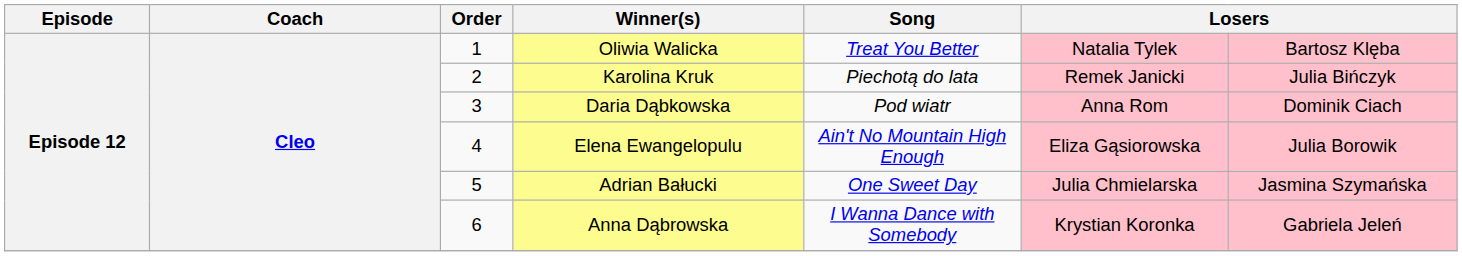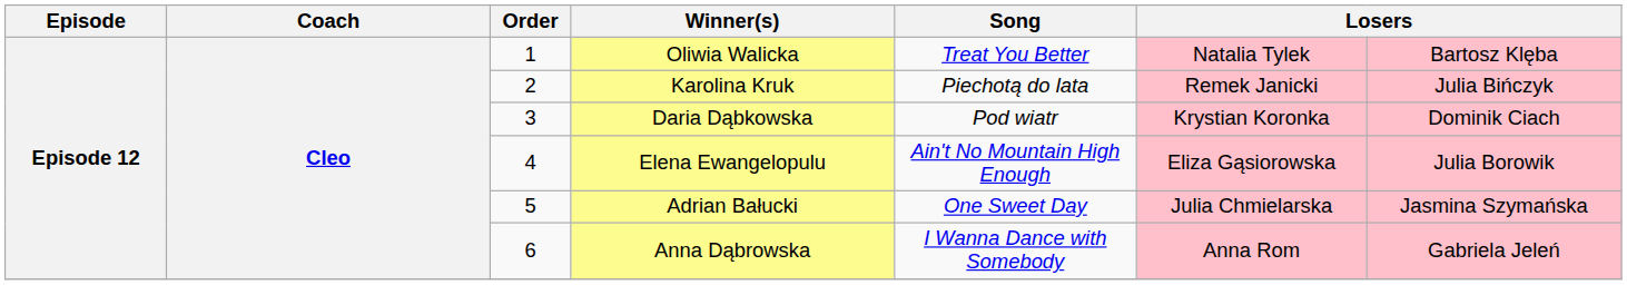 <table class="wikitable" style="text-align:center; width:100%;">
 <tr>
 <th style="width:10%;">Episode</th>
 <th style="width:20%;">Coach</th>
 <th style="width:05%;">Order</th>
 <th style="width:20%;">Winner(s)</th>
 <th style="width:15%;">Song</th>
 <th style="width:30%;" colspan="2">Losers</th>
 </tr>
 <tr>
 <th rowspan="6">Episode 12<br><small></small></th>
 <th rowspan="6"><a href='#'>Cleo</a></th>
 <td>1</td>
 <td style="background:#fdfc8f;">Oliwia Walicka</td>
 <td><em><a href='#'>Treat You Better</a></em></td>
 <td style="background:pink;">Natalia Tylek</td>
 <td style="background:pink;">Bartosz Klęba</td>
 </tr>
 <tr>
 <td>2</td>
 <td style="background:#fdfc8f;">Karolina Kruk</td>
 <td><em>Piechotą do lata</em></td>
 <td style="background:pink;">Remek Janicki</td>
 <td style="background:pink;">Julia Bińczyk</td>
 </tr>
 <tr>
 <td>3</td>
 <td style="background:#fdfc8f;">Daria Dąbkowska</td>
 <td><em>Pod wiatr</em></td>
-<td style="background:pink;">Anna Rom</td>
+<td style="background:pink;">Krystian Koronka</td>
 <td style="background:pink;">Dominik Ciach</td>
 </tr>
 <tr>
 <td>4</td>
 <td style="background:#fdfc8f;">Elena Ewangelopulu</td>
 <td><em><a href='#'>Ain't No Mountain High Enough</a></em></td>
 <td style="background:pink;">Eliza Gąsiorowska</td>
 <td style="background:pink;">Julia Borowik</td>
 </tr>
 <tr>
 <td>5</td>
 <td style="background:#fdfc8f;">Adrian Bałucki</td>
 <td><em><a href='#'>One Sweet Day</a></em></td>
 <td style="background:pink;">Julia Chmielarska</td>
 <td style="background:pink;">Jasmina Szymańska</td>
 </tr>
 <tr>
 <td>6</td>
 <td style="background:#fdfc8f;">Anna Dąbrowska</td>
 <td><em><a href='#'>I Wanna Dance with Somebody</a></em></td>
-<td style="background:pink;">Krystian Koronka</td>
+<td style="background:pink;">Anna Rom</td>
 <td style="background:pink;">Gabriela Jeleń</td>
 </tr>
 <tr>
 </tr>
 </table>
